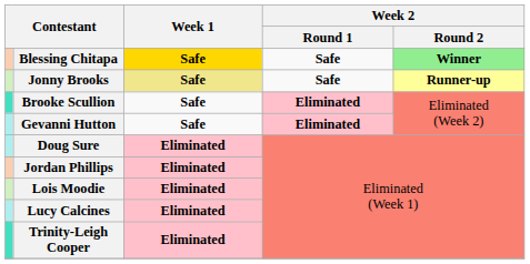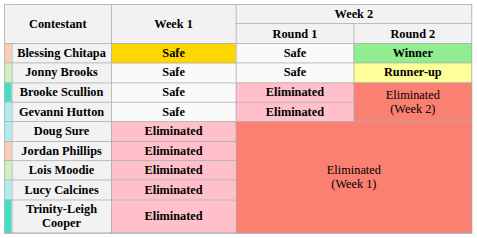 <table class="wikitable" style="text-align:center;">
 <tr>
 <th rowspan="2" colspan="2" style="width:15%;">Contestant</th>
 <th scope="col" rowspan="2" style="width:18%;">Week 1</th>
 <th colspan="2" scope="col" style="width:18%;">Week 2</th>
 </tr>
 <tr>
 <th scope="col" style="width:17%;">Round 1</th>
 <th scope="col" style="width:17%;">Round 2</th>
 </tr>
 <tr>
 <th style="background:#fbceb1"></th>
 <th>Blessing Chitapa</th>
 <td style="background: gold;"><strong>Safe</strong></td>
 <td><strong>Safe</strong></td>
 <td style = "background:lightgreen"><strong>Winner</strong></td>
 </tr>
 <tr>
 <th style="background:#d0f0c0"></th>
 <th>Jonny Brooks</th>
-<td style="background: khaki;"><strong>Safe</strong></td>
+<td><strong>Safe</strong></td>
 <td><strong>Safe</strong></td>
 <td style = "background:#ff9"><strong>Runner-up</strong></td>
 </tr>
 <tr>
 <th style="background:#40e0c0"></th>
 <th>Brooke Scullion</th>
 <td><strong>Safe</strong></td>
 <td style = "background:pink"><strong>Eliminated</strong></td>
 <td rowspan="2" colspan="2" style="background:salmon;">Eliminated<br>(Week 2)</td>
 </tr>
 <tr>
 <th style="background:#afeeee"></th>
 <th>Gevanni Hutton</th>
 <td><strong>Safe</strong></td>
 <td style = "background:pink"><strong>Eliminated</strong></td>
 </tr>
 <tr>
 <th style="background:#afeeee"></th>
 <th>Doug Sure</th>
 <td style = "background:pink"><strong>Eliminated</strong></td>
 <td rowspan="5" colspan="3" style="background:salmon;">Eliminated<br>(Week 1)</td>
 </tr>
 <tr>
 <th style="background:#fbceb1"></th>
 <th>Jordan Phillips</th>
 <td style = "background:pink"><strong>Eliminated</strong></td>
 </tr>
 <tr>
 <th style="background:#d0f0c0"></th>
 <th>Lois Moodie</th>
 <td style = "background:pink"><strong>Eliminated</strong></td>
 </tr>
 <tr>
 <th style="background:#afeeee"></th>
 <th>Lucy Calcines</th>
 <td style = "background:pink"><strong>Eliminated</strong></td>
 </tr>
 <tr>
 <th style="background:#40e0c0"></th>
 <th>Trinity-Leigh Cooper</th>
 <td style = "background:pink"><strong>Eliminated</strong></td>
 </tr>
 <tr>
 </tr>
 </table>
